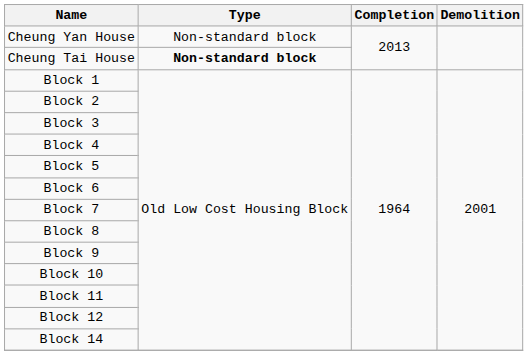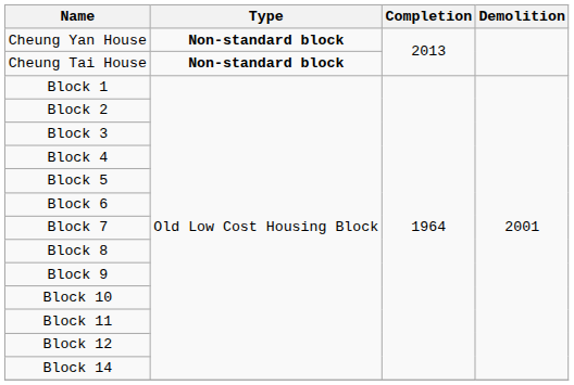 <table class="wikitable" style="text-align: center">
 <tr>
 <th>Name</th>
 <th>Type</th>
 <th>Completion</th>
 <th>Demolition</th>
 </tr>
 <tr>
 <td>Cheung Yan House</td>
-<td rowspan="1">Non-standard block</td>
+<td rowspan="1"><strong>Non-standard block</strong></td>
 <td rowspan="2">2013</td>
 <td rowspan="2"></td>
 </tr>
 <tr>
 <td>Cheung Tai House</td>
 <td rowspan="1"><strong>Non-standard block</strong></td>
 </tr>
 <tr>
 <td>Block 1</td>
 <td rowspan="13">Old Low Cost Housing Block</td>
 <td rowspan="13">1964</td>
 <td rowspan="13">2001</td>
 </tr>
 <tr>
 <td>Block 2</td>
 </tr>
 <tr>
 <td>Block 3</td>
 </tr>
 <tr>
 <td>Block 4</td>
 </tr>
 <tr>
 <td>Block 5</td>
 </tr>
 <tr>
 <td>Block 6</td>
 </tr>
 <tr>
 <td>Block 7</td>
 </tr>
 <tr>
 <td>Block 8</td>
 </tr>
 <tr>
 <td>Block 9</td>
 </tr>
 <tr>
 <td>Block 10</td>
 </tr>
 <tr>
 <td>Block 11</td>
 </tr>
 <tr>
 <td>Block 12</td>
 </tr>
 <tr>
 <td>Block 14</td>
 </tr>
 <tr>
 </tr>
 </table>
